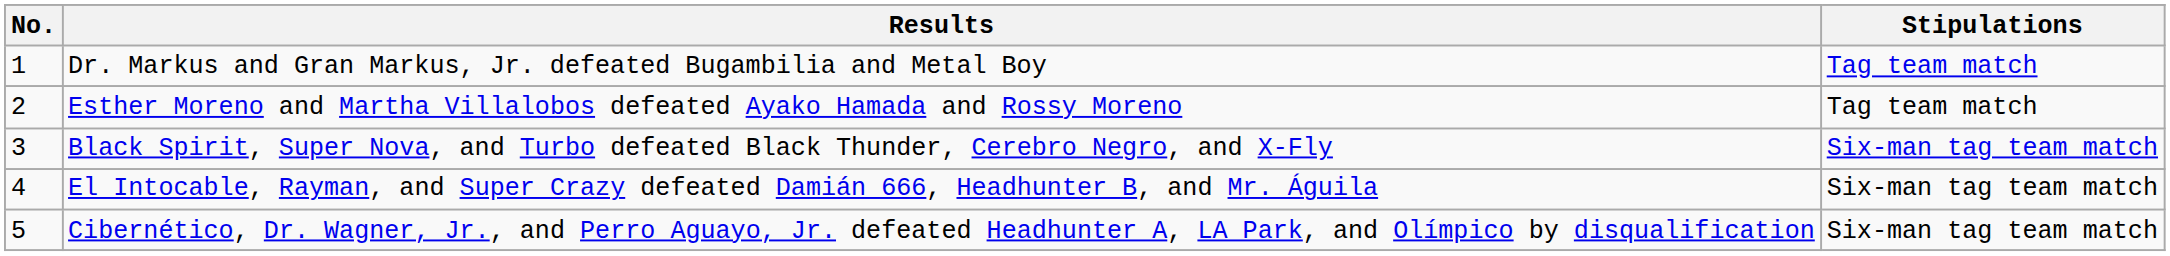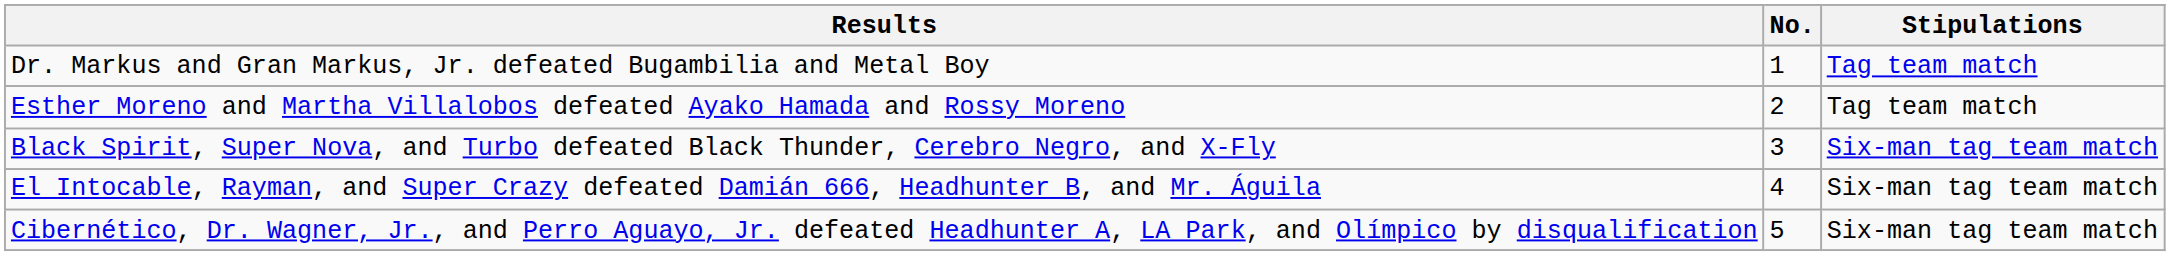 <table class="wikitable">
 <tr>
+<th><strong>Results</strong></th>
 <th><strong>No.</strong></th>
-<th><strong>Results</strong></th>
 <th><strong>Stipulations</strong></th>
 </tr>
 <tr>
+<td>Dr. Markus and Gran Markus, Jr. defeated Bugambilia and Metal Boy</td>
 <td>1</td>
-<td>Dr. Markus and Gran Markus, Jr. defeated Bugambilia and Metal Boy</td>
 <td><a href='#'>Tag team match</a></td>
 </tr>
 <tr>
+<td><a href='#'>Esther Moreno</a> and <a href='#'>Martha Villalobos</a> defeated <a href='#'>Ayako Hamada</a> and <a href='#'>Rossy Moreno</a></td>
 <td>2</td>
-<td><a href='#'>Esther Moreno</a> and <a href='#'>Martha Villalobos</a> defeated <a href='#'>Ayako Hamada</a> and <a href='#'>Rossy Moreno</a></td>
 <td>Tag team match</td>
 </tr>
 <tr>
+<td><a href='#'>Black Spirit</a>, <a href='#'>Super Nova</a>, and <a href='#'>Turbo</a> defeated Black Thunder, <a href='#'>Cerebro Negro</a>, and <a href='#'>X-Fly</a></td>
 <td>3</td>
-<td><a href='#'>Black Spirit</a>, <a href='#'>Super Nova</a>, and <a href='#'>Turbo</a> defeated Black Thunder, <a href='#'>Cerebro Negro</a>, and <a href='#'>X-Fly</a></td>
 <td><a href='#'>Six-man tag team match</a></td>
 </tr>
 <tr>
+<td><a href='#'>El Intocable</a>, <a href='#'>Rayman</a>, and <a href='#'>Super Crazy</a> defeated <a href='#'>Damián 666</a>, <a href='#'>Headhunter B</a>, and <a href='#'>Mr. Águila</a></td>
 <td>4</td>
-<td><a href='#'>El Intocable</a>, <a href='#'>Rayman</a>, and <a href='#'>Super Crazy</a> defeated <a href='#'>Damián 666</a>, <a href='#'>Headhunter B</a>, and <a href='#'>Mr. Águila</a></td>
 <td>Six-man tag team match</td>
 </tr>
 <tr>
+<td><a href='#'>Cibernético</a>, <a href='#'>Dr. Wagner, Jr.</a>, and <a href='#'>Perro Aguayo, Jr.</a> defeated <a href='#'>Headhunter A</a>, <a href='#'>LA Park</a>, and <a href='#'>Olímpico</a> by <a href='#'>disqualification</a></td>
 <td>5</td>
-<td><a href='#'>Cibernético</a>, <a href='#'>Dr. Wagner, Jr.</a>, and <a href='#'>Perro Aguayo, Jr.</a> defeated <a href='#'>Headhunter A</a>, <a href='#'>LA Park</a>, and <a href='#'>Olímpico</a> by <a href='#'>disqualification</a></td>
 <td>Six-man tag team match</td>
 </tr>
 </table>
